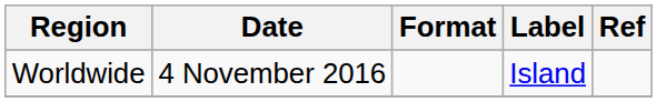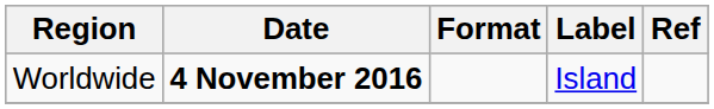 <table class="wikitable">
 <tr>
 <th>Region</th>
 <th>Date</th>
 <th>Format</th>
 <th>Label</th>
 <th>Ref</th>
 </tr>
 <tr>
 <td>Worldwide</td>
-<td>4 November 2016</td>
+<td><strong>4 November 2016</strong></td>
 <td></td>
 <td><a href='#'>Island</a></td>
 <td></td>
 </tr>
 <tr>
 </tr>
 </table>
